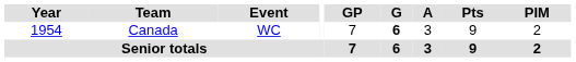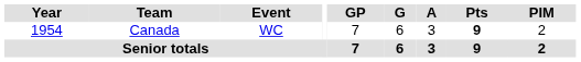 <table border="0" cellpadding="1" cellspacing="0" ID="Table3" style="text-align:center; width:40em">
 <tr bgcolor="#e0e0e0">
 <th>Year</th>
 <th>Team</th>
 <th>Event</th>
 <th rowspan="102" bgcolor="#ffffff"></th>
 <th>GP</th>
 <th>G</th>
 <th>A</th>
 <th>Pts</th>
 <th>PIM</th>
 </tr>
 <tr>
 <td><a href='#'>1954</a></td>
 <td><a href='#'>Canada</a></td>
 <td><a href='#'>WC</a></td>
 <td>7</td>
-<td><strong>6</strong></td>
+<td>6</td>
 <td>3</td>
-<td>9</td>
+<td><strong>9</strong></td>
 <td>2</td>
 </tr>
 <tr bgcolor="#e0e0e0">
 <th colspan="4">Senior totals</th>
 <th>7</th>
 <th>6</th>
 <th>3</th>
 <th>9</th>
 <th>2</th>
 </tr>
 </table>
